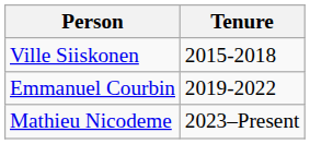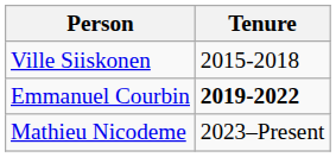 <table class="wikitable">
 <tr>
 <th>Person</th>
 <th>Tenure</th>
 </tr>
 <tr>
 <td align="left"> <a href='#'>Ville Siiskonen</a></td>
 <td>2015-2018</td>
 </tr>
 <tr>
 <td align="left"> <a href='#'>Emmanuel Courbin</a></td>
-<td>2019-2022</td>
+<td><strong>2019-2022</strong></td>
 </tr>
 <tr>
 <td align="left"> <a href='#'>Mathieu Nicodeme</a></td>
 <td>2023–Present</td>
 </tr>
 </table>
